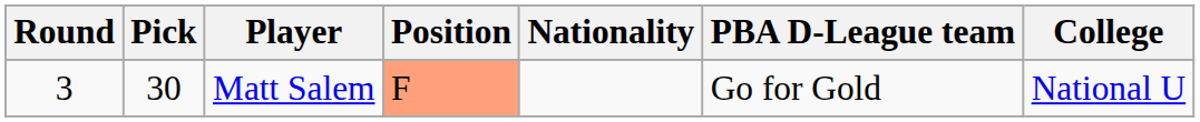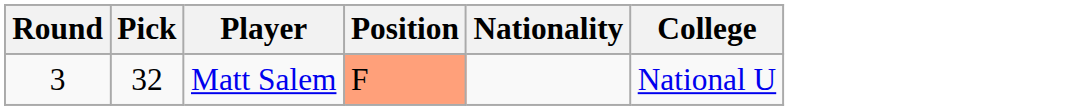 <table class="wikitable sortable sortable">
 <tr>
 <th>Round</th>
 <th>Pick</th>
 <th>Player</th>
 <th>Position</th>
 <th>Nationality</th>
-<th>PBA D-League team</th>
 <th>College</th>
 </tr>
 <tr>
 <td align=center>3</td>
-<td align=center>30</td>
+<td align=center>32</td>
 <td><a href='#'>Matt Salem</a></td>
 <td style="background: lightsalmon;">F</td>
 <td></td>
-<td>Go for Gold</td>
 <td><a href='#'>National U</a></td>
 </tr>
 </table>
